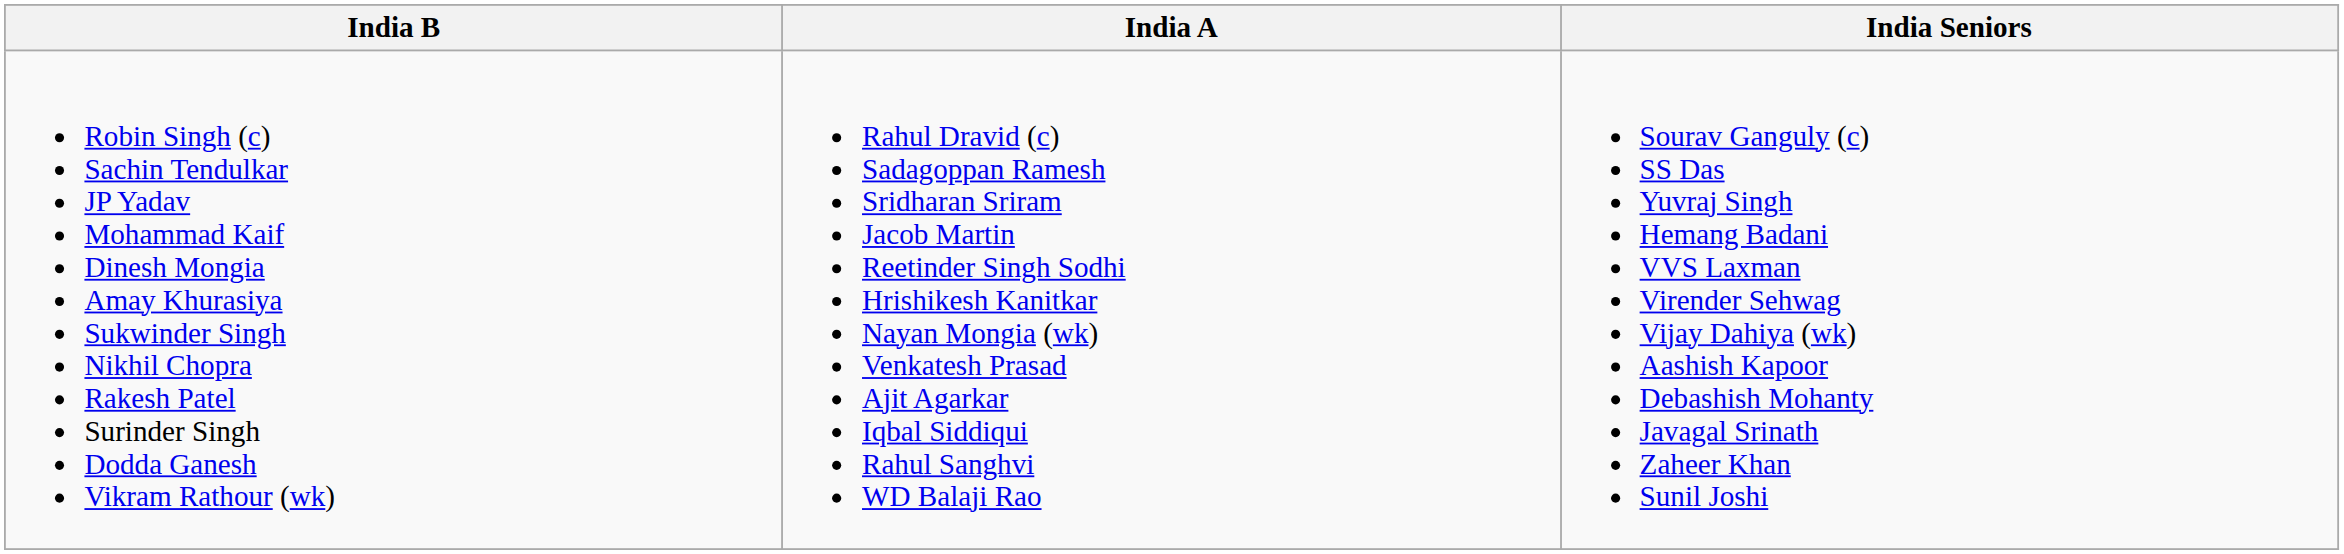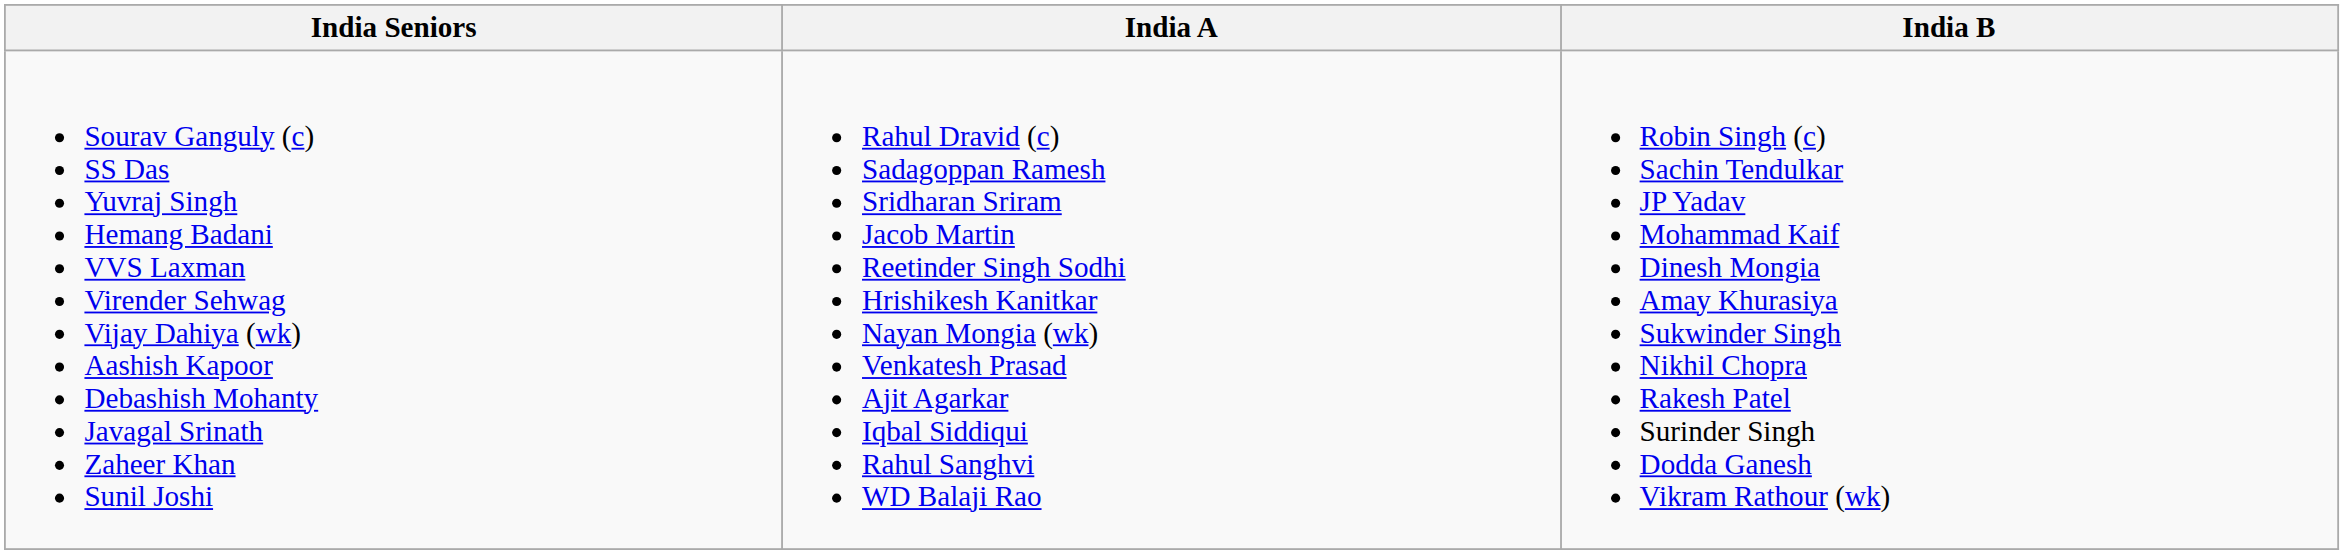 <table class="wikitable">
 <tr>
+<th style="width:15%;"> India Seniors </th>
+<th style="width:15%;"> India A </th>
 <th style="width:15%;"> India B </th>
-<th style="width:15%;"> India A </th>
-<th style="width:15%;"> India Seniors </th>
 </tr>
 <tr style="vertical-align:top">
+<td><br><ul><li><a href='#'>Sourav Ganguly</a> (<a href='#'>c</a>)</li><li><a href='#'>SS Das</a></li><li><a href='#'>Yuvraj Singh</a></li><li><a href='#'>Hemang Badani</a></li><li><a href='#'>VVS Laxman</a></li><li><a href='#'>Virender Sehwag</a></li><li><a href='#'>Vijay Dahiya</a> (<a href='#'>wk</a>)</li><li><a href='#'>Aashish Kapoor</a></li><li><a href='#'>Debashish Mohanty</a></li><li><a href='#'>Javagal Srinath</a></li><li><a href='#'>Zaheer Khan</a></li><li><a href='#'>Sunil Joshi</a></li></ul></td>
+<td><br><ul><li><a href='#'>Rahul Dravid</a> (<a href='#'>c</a>)</li><li><a href='#'>Sadagoppan Ramesh</a></li><li><a href='#'>Sridharan Sriram</a></li><li><a href='#'>Jacob Martin</a></li><li><a href='#'>Reetinder Singh Sodhi</a></li><li><a href='#'>Hrishikesh Kanitkar</a></li><li><a href='#'>Nayan Mongia</a> (<a href='#'>wk</a>)</li><li><a href='#'>Venkatesh Prasad</a></li><li><a href='#'>Ajit Agarkar</a></li><li><a href='#'>Iqbal Siddiqui</a></li><li><a href='#'>Rahul Sanghvi</a></li><li><a href='#'>WD Balaji Rao</a></li></ul></td>
 <td><br><ul><li><a href='#'>Robin Singh</a> (<a href='#'>c</a>)</li><li><a href='#'>Sachin Tendulkar</a></li><li><a href='#'>JP Yadav</a></li><li><a href='#'>Mohammad Kaif</a></li><li><a href='#'>Dinesh Mongia</a></li><li><a href='#'>Amay Khurasiya</a></li><li><a href='#'>Sukwinder Singh</a></li><li><a href='#'>Nikhil Chopra</a></li><li><a href='#'>Rakesh Patel</a></li><li>Surinder Singh</li><li><a href='#'>Dodda Ganesh</a></li><li><a href='#'>Vikram Rathour</a> (<a href='#'>wk</a>)</li></ul></td>
-<td><br><ul><li><a href='#'>Rahul Dravid</a> (<a href='#'>c</a>)</li><li><a href='#'>Sadagoppan Ramesh</a></li><li><a href='#'>Sridharan Sriram</a></li><li><a href='#'>Jacob Martin</a></li><li><a href='#'>Reetinder Singh Sodhi</a></li><li><a href='#'>Hrishikesh Kanitkar</a></li><li><a href='#'>Nayan Mongia</a> (<a href='#'>wk</a>)</li><li><a href='#'>Venkatesh Prasad</a></li><li><a href='#'>Ajit Agarkar</a></li><li><a href='#'>Iqbal Siddiqui</a></li><li><a href='#'>Rahul Sanghvi</a></li><li><a href='#'>WD Balaji Rao</a></li></ul></td>
-<td><br><ul><li><a href='#'>Sourav Ganguly</a> (<a href='#'>c</a>)</li><li><a href='#'>SS Das</a></li><li><a href='#'>Yuvraj Singh</a></li><li><a href='#'>Hemang Badani</a></li><li><a href='#'>VVS Laxman</a></li><li><a href='#'>Virender Sehwag</a></li><li><a href='#'>Vijay Dahiya</a> (<a href='#'>wk</a>)</li><li><a href='#'>Aashish Kapoor</a></li><li><a href='#'>Debashish Mohanty</a></li><li><a href='#'>Javagal Srinath</a></li><li><a href='#'>Zaheer Khan</a></li><li><a href='#'>Sunil Joshi</a></li></ul></td>
 </tr>
 </table>
